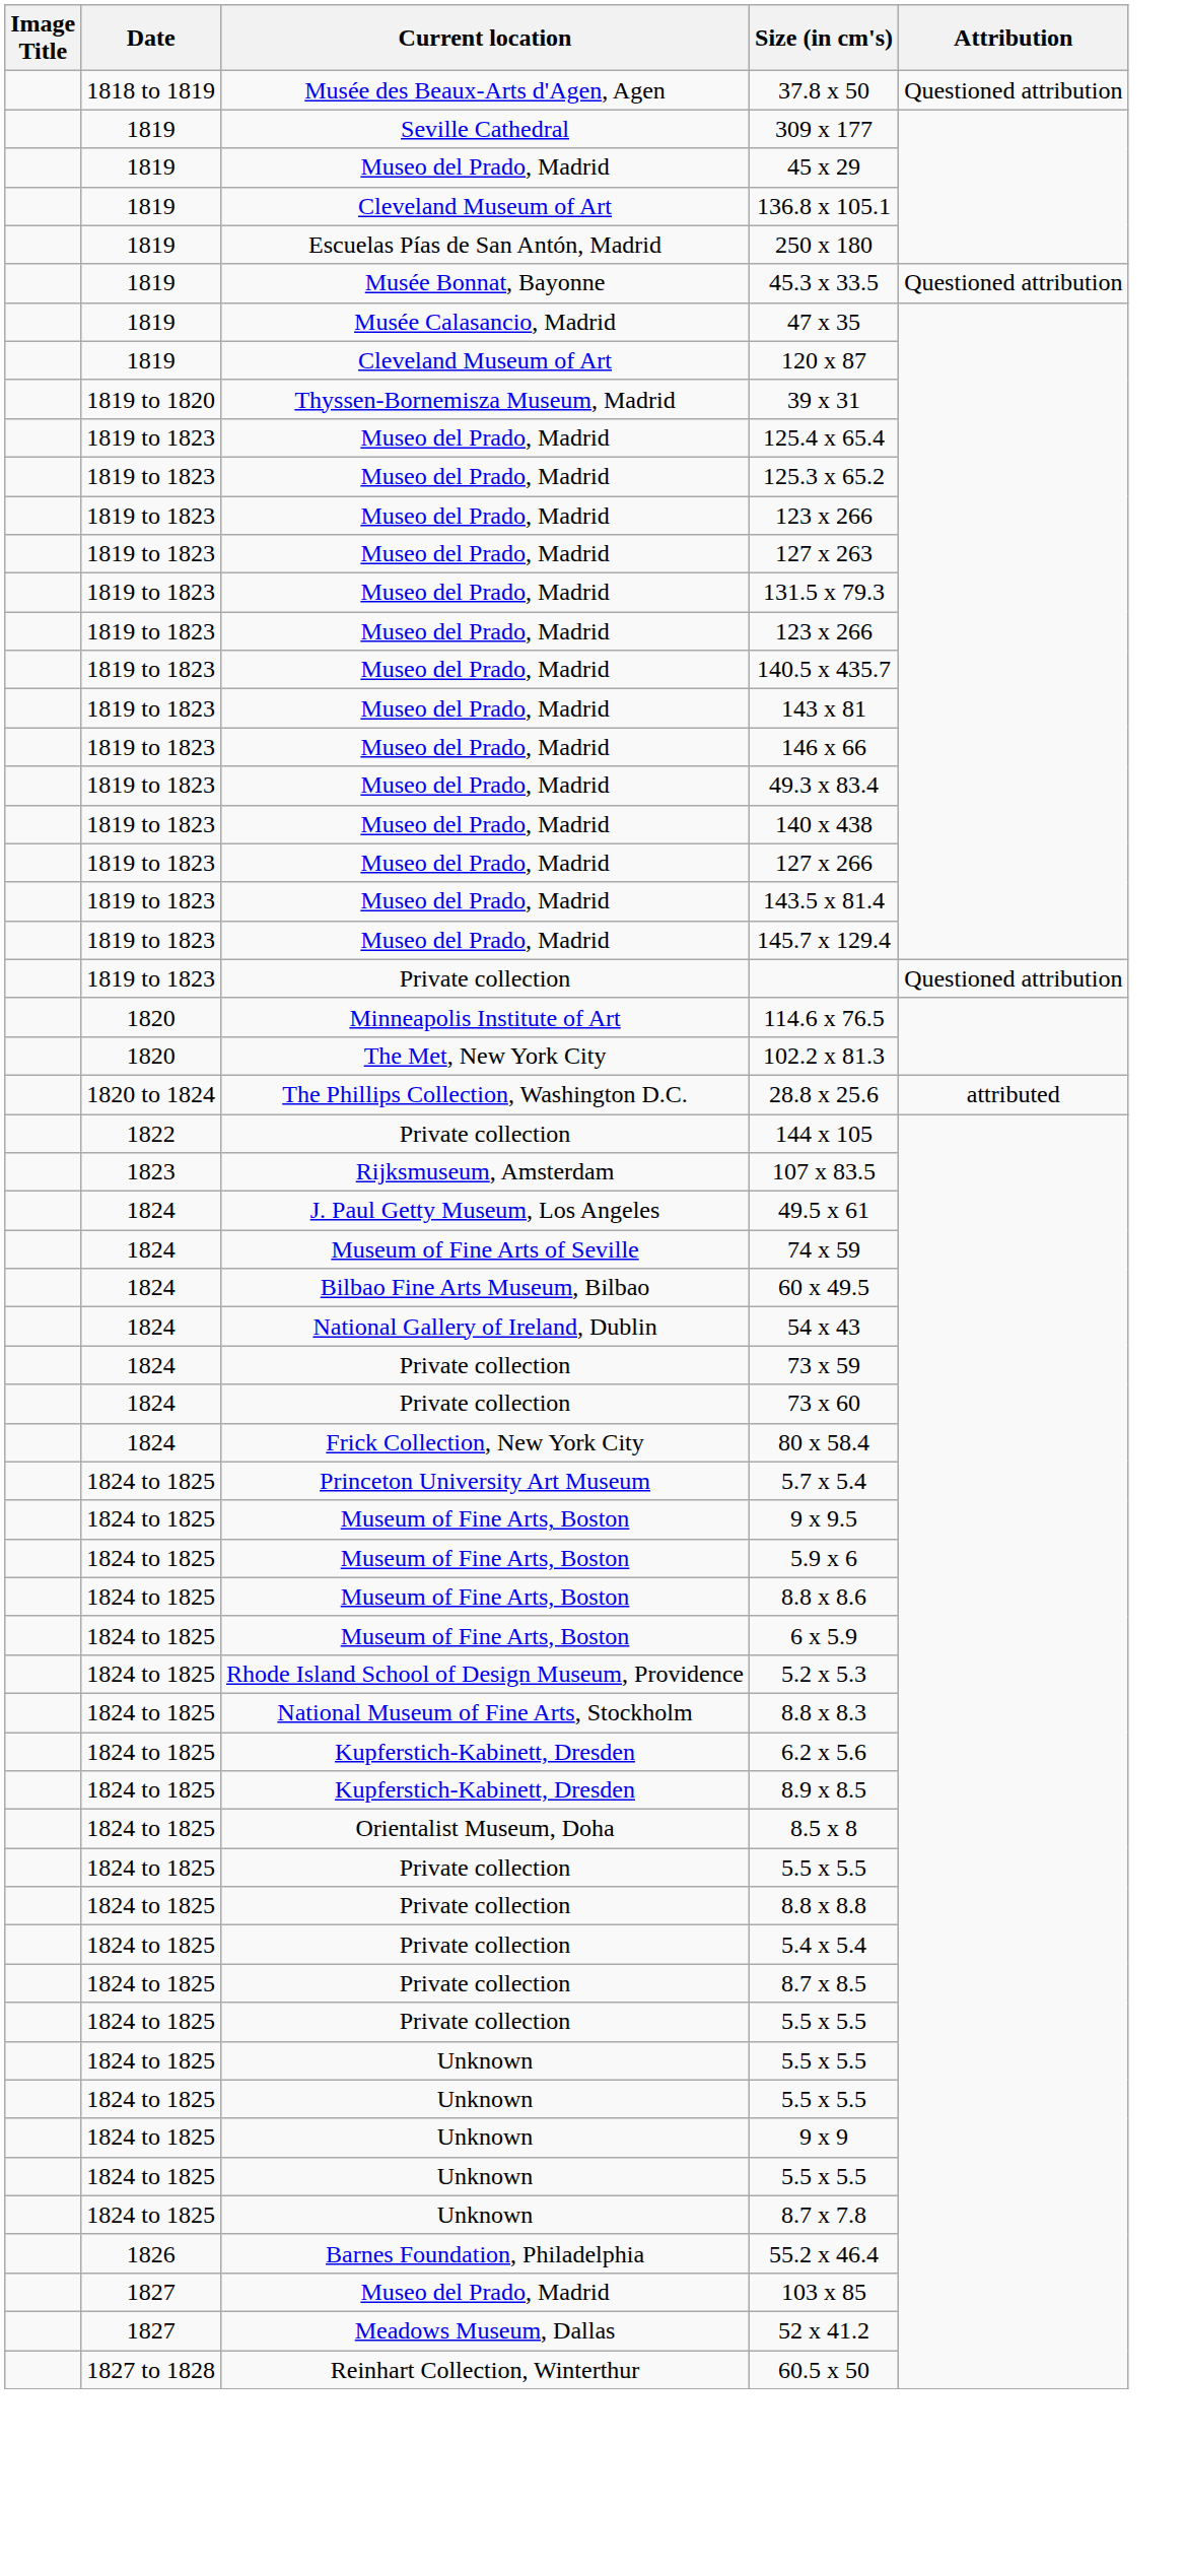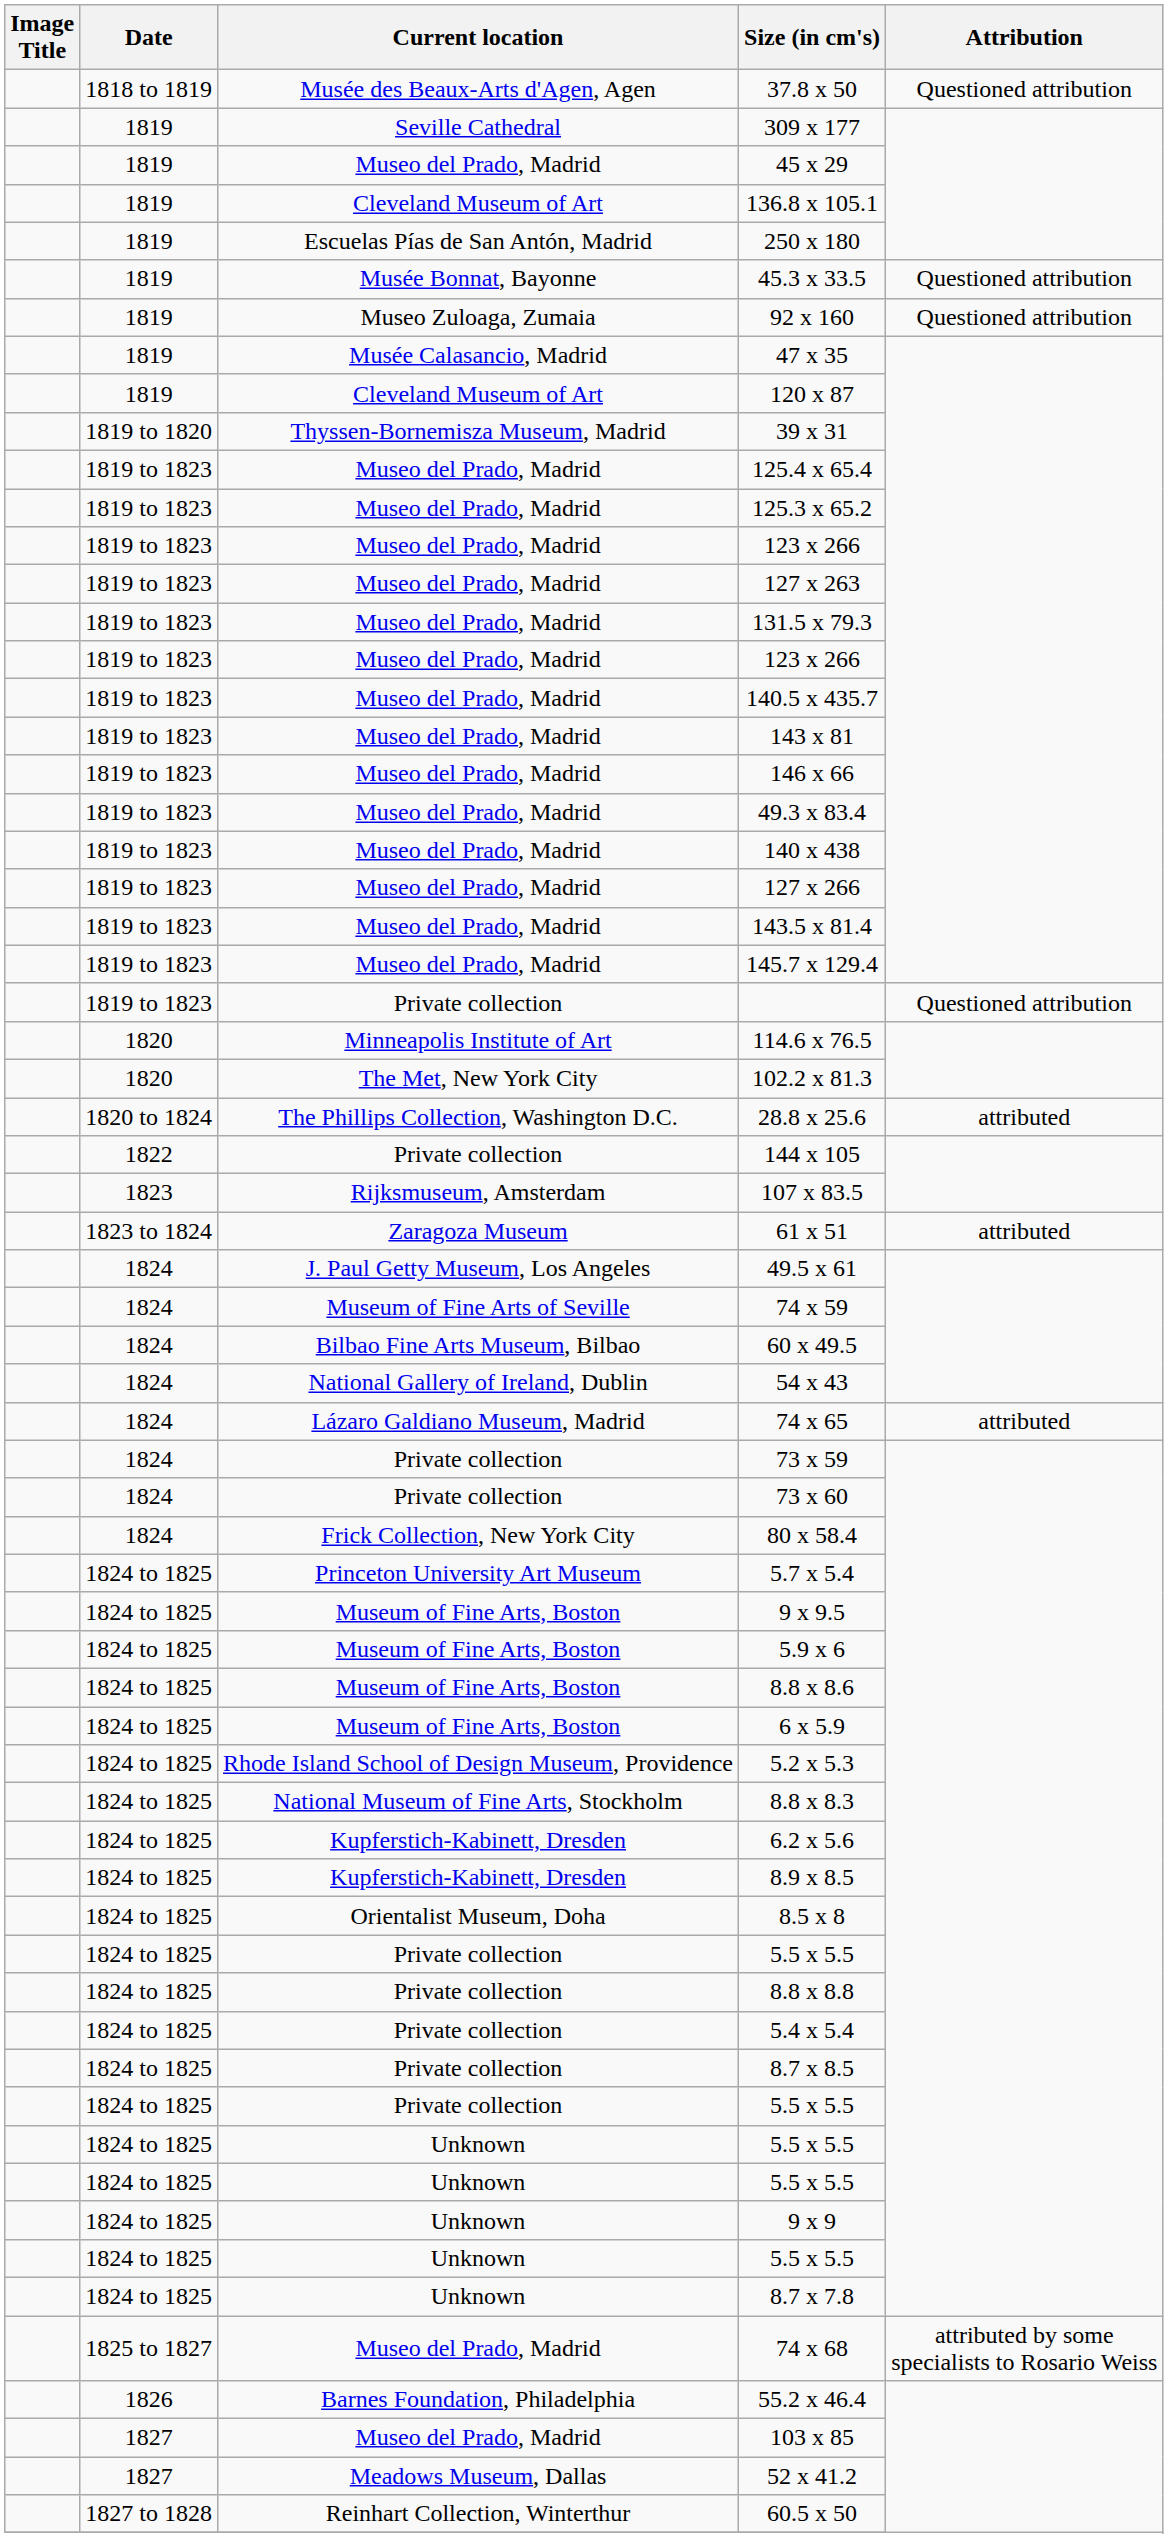 <table class="wikitable sortable" style="text-align: center">
 <tr>
 <th>Image<br>Title</th>
 <th>Date</th>
 <th>Current location</th>
 <th>Size (in cm's)</th>
 <th>Attribution</th>
 </tr>
 <tr>
 <td></td>
 <td>1818 to 1819</td>
 <td><a href='#'>Musée des Beaux-Arts d'Agen</a>, Agen</td>
 <td>37.8 x 50</td>
 <td>Questioned attribution</td>
 </tr>
 <tr>
 <td></td>
 <td>1819</td>
 <td><a href='#'>Seville Cathedral</a></td>
 <td>309 x 177</td>
 </tr>
 <tr>
 <td></td>
 <td>1819</td>
 <td><a href='#'>Museo del Prado</a>, Madrid</td>
 <td>45 x 29</td>
 </tr>
 <tr>
 <td></td>
 <td>1819</td>
 <td><a href='#'>Cleveland Museum of Art</a></td>
 <td>136.8 x 105.1</td>
 </tr>
 <tr>
 <td></td>
 <td>1819</td>
 <td>Escuelas Pías de San Antón, Madrid</td>
 <td>250 x 180</td>
 </tr>
 <tr>
 <td></td>
 <td>1819</td>
 <td><a href='#'>Musée Bonnat</a>, Bayonne</td>
 <td>45.3 x 33.5</td>
+<td>Questioned attribution</td>
+</tr>
+<tr>
+<td></td>
+<td>1819</td>
+<td>Museo Zuloaga, Zumaia</td>
+<td>92 x 160</td>
 <td>Questioned attribution</td>
 </tr>
 <tr>
 <td></td>
 <td>1819</td>
 <td><a href='#'>Musée Calasancio</a>, Madrid</td>
 <td>47 x 35</td>
 </tr>
 <tr>
 <td></td>
 <td>1819</td>
 <td><a href='#'>Cleveland Museum of Art</a></td>
 <td>120 x 87</td>
 </tr>
 <tr>
 <td></td>
 <td>1819 to 1820</td>
 <td><a href='#'>Thyssen-Bornemisza Museum</a>, Madrid</td>
 <td>39 x 31</td>
 </tr>
 <tr>
 <td></td>
 <td>1819 to 1823</td>
 <td><a href='#'>Museo del Prado</a>, Madrid</td>
 <td>125.4 x 65.4</td>
 </tr>
 <tr>
 <td></td>
 <td>1819 to 1823</td>
 <td><a href='#'>Museo del Prado</a>, Madrid</td>
 <td>125.3 x 65.2</td>
 </tr>
 <tr>
 <td></td>
 <td>1819 to 1823</td>
 <td><a href='#'>Museo del Prado</a>, Madrid</td>
 <td>123 x 266</td>
 </tr>
 <tr>
 <td></td>
 <td>1819 to 1823</td>
 <td><a href='#'>Museo del Prado</a>, Madrid</td>
 <td>127 x 263</td>
 </tr>
 <tr>
 <td></td>
 <td>1819 to 1823</td>
 <td><a href='#'>Museo del Prado</a>, Madrid</td>
 <td>131.5 x 79.3</td>
 </tr>
 <tr>
 <td></td>
 <td>1819 to 1823</td>
 <td><a href='#'>Museo del Prado</a>, Madrid</td>
 <td>123 x 266</td>
 </tr>
 <tr>
 <td></td>
 <td>1819 to 1823</td>
 <td><a href='#'>Museo del Prado</a>, Madrid</td>
 <td>140.5 x 435.7</td>
 </tr>
 <tr>
 <td></td>
 <td>1819 to 1823</td>
 <td><a href='#'>Museo del Prado</a>, Madrid</td>
 <td>143 x 81</td>
 </tr>
 <tr>
 <td></td>
 <td>1819 to 1823</td>
 <td><a href='#'>Museo del Prado</a>, Madrid</td>
 <td>146 x 66</td>
 </tr>
 <tr>
 <td></td>
 <td>1819 to 1823</td>
 <td><a href='#'>Museo del Prado</a>, Madrid</td>
 <td>49.3 x 83.4</td>
 </tr>
 <tr>
 <td></td>
 <td>1819 to 1823</td>
 <td><a href='#'>Museo del Prado</a>, Madrid</td>
 <td>140 x 438</td>
 </tr>
 <tr>
 <td></td>
 <td>1819 to 1823</td>
 <td><a href='#'>Museo del Prado</a>, Madrid</td>
 <td>127 x 266</td>
 </tr>
 <tr>
 <td></td>
 <td>1819 to 1823</td>
 <td><a href='#'>Museo del Prado</a>, Madrid</td>
 <td>143.5 x 81.4</td>
 </tr>
 <tr>
 <td></td>
 <td>1819 to 1823</td>
 <td><a href='#'>Museo del Prado</a>, Madrid</td>
 <td>145.7 x 129.4</td>
 </tr>
 <tr>
 <td></td>
 <td>1819 to 1823</td>
 <td>Private collection</td>
 <td></td>
 <td>Questioned attribution</td>
 </tr>
 <tr>
 <td></td>
 <td>1820</td>
 <td><a href='#'>Minneapolis Institute of Art</a></td>
 <td>114.6 x 76.5</td>
 </tr>
 <tr>
 <td></td>
 <td>1820</td>
 <td><a href='#'>The Met</a>, New York City</td>
 <td>102.2 x 81.3</td>
 </tr>
 <tr>
 <td></td>
 <td>1820 to 1824</td>
 <td><a href='#'>The Phillips Collection</a>, Washington D.C.</td>
 <td>28.8 x 25.6</td>
 <td>attributed</td>
 </tr>
 <tr>
 <td></td>
 <td>1822</td>
 <td>Private collection</td>
 <td>144 x 105</td>
 </tr>
 <tr>
 <td></td>
 <td>1823</td>
 <td><a href='#'>Rijksmuseum</a>, Amsterdam</td>
 <td>107 x 83.5</td>
 </tr>
 <tr>
 <td></td>
+<td>1823 to 1824</td>
+<td><a href='#'>Zaragoza Museum</a></td>
+<td>61 x 51</td>
+<td>attributed</td>
+</tr>
+<tr>
+<td></td>
 <td>1824</td>
 <td><a href='#'>J. Paul Getty Museum</a>, Los Angeles</td>
 <td>49.5 x 61</td>
 </tr>
 <tr>
 <td></td>
 <td>1824</td>
 <td><a href='#'>Museum of Fine Arts of Seville</a></td>
 <td>74 x 59</td>
 </tr>
 <tr>
 <td></td>
 <td>1824</td>
 <td><a href='#'>Bilbao Fine Arts Museum</a>, Bilbao</td>
 <td>60 x 49.5</td>
 </tr>
 <tr>
 <td></td>
 <td>1824</td>
 <td><a href='#'>National Gallery of Ireland</a>, Dublin</td>
 <td>54 x 43</td>
+</tr>
+<tr>
+<td></td>
+<td>1824</td>
+<td><a href='#'>Lázaro Galdiano Museum</a>, Madrid</td>
+<td>74 x 65</td>
+<td>attributed</td>
 </tr>
 <tr>
 <td></td>
 <td>1824</td>
 <td>Private collection</td>
 <td>73 x 59</td>
 </tr>
 <tr>
 <td></td>
 <td>1824</td>
 <td>Private collection</td>
 <td>73 x 60</td>
 </tr>
 <tr>
 <td></td>
 <td>1824</td>
 <td><a href='#'>Frick Collection</a>, New York City</td>
 <td>80 x 58.4</td>
 </tr>
 <tr>
 <td></td>
 <td>1824 to 1825</td>
 <td><a href='#'>Princeton University Art Museum</a></td>
 <td>5.7 x 5.4</td>
 </tr>
 <tr>
 <td></td>
 <td>1824 to 1825</td>
 <td><a href='#'>Museum of Fine Arts, Boston</a></td>
 <td>9 x 9.5</td>
 </tr>
 <tr>
 <td></td>
 <td>1824 to 1825</td>
 <td><a href='#'>Museum of Fine Arts, Boston</a></td>
 <td>5.9 x 6</td>
 </tr>
 <tr>
 <td></td>
 <td>1824 to 1825</td>
 <td><a href='#'>Museum of Fine Arts, Boston</a></td>
 <td>8.8 x 8.6</td>
 </tr>
 <tr>
 <td></td>
 <td>1824 to 1825</td>
 <td><a href='#'>Museum of Fine Arts, Boston</a></td>
 <td>6 x 5.9</td>
 </tr>
 <tr>
 <td></td>
 <td>1824 to 1825</td>
 <td><a href='#'>Rhode Island School of Design Museum</a>, Providence</td>
 <td>5.2 x 5.3</td>
 </tr>
 <tr>
 <td></td>
 <td>1824 to 1825</td>
 <td><a href='#'>National Museum of Fine Arts</a>, Stockholm</td>
 <td>8.8 x 8.3</td>
 </tr>
 <tr>
 <td></td>
 <td>1824 to 1825</td>
 <td><a href='#'>Kupferstich-Kabinett, Dresden</a></td>
 <td>6.2 x 5.6</td>
 </tr>
 <tr>
 <td></td>
 <td>1824 to 1825</td>
 <td><a href='#'>Kupferstich-Kabinett, Dresden</a></td>
 <td>8.9 x 8.5</td>
 </tr>
 <tr>
 <td></td>
 <td>1824 to 1825</td>
 <td>Orientalist Museum, Doha</td>
 <td>8.5 x 8</td>
 </tr>
 <tr>
 <td></td>
 <td>1824 to 1825</td>
 <td>Private collection</td>
 <td>5.5 x 5.5</td>
 </tr>
 <tr>
 <td></td>
 <td>1824 to 1825</td>
 <td>Private collection</td>
 <td>8.8 x 8.8</td>
 </tr>
 <tr>
 <td></td>
 <td>1824 to 1825</td>
 <td>Private collection</td>
 <td>5.4 x 5.4</td>
 </tr>
 <tr>
 <td></td>
 <td>1824 to 1825</td>
 <td>Private collection</td>
 <td>8.7 x 8.5</td>
 </tr>
 <tr>
 <td></td>
 <td>1824 to 1825</td>
 <td>Private collection</td>
 <td>5.5 x 5.5</td>
 </tr>
 <tr>
 <td></td>
 <td>1824 to 1825</td>
 <td>Unknown</td>
 <td>5.5 x 5.5</td>
 </tr>
 <tr>
 <td></td>
 <td>1824 to 1825</td>
 <td>Unknown</td>
 <td>5.5 x 5.5</td>
 </tr>
 <tr>
 <td></td>
 <td>1824 to 1825</td>
 <td>Unknown</td>
 <td>9 x 9</td>
 </tr>
 <tr>
 <td></td>
 <td>1824 to 1825</td>
 <td>Unknown</td>
 <td>5.5 x 5.5</td>
 </tr>
 <tr>
 <td></td>
 <td>1824 to 1825</td>
 <td>Unknown</td>
 <td>8.7 x 7.8</td>
 </tr>
 <tr>
 <td></td>
+<td>1825 to 1827</td>
+<td><a href='#'>Museo del Prado</a>, Madrid</td>
+<td>74 x 68</td>
+<td>attributed by some<br>specialists to  Rosario Weiss</td>
+</tr>
+<tr>
+<td></td>
 <td>1826</td>
 <td><a href='#'>Barnes Foundation</a>, Philadelphia</td>
 <td>55.2 x 46.4</td>
 </tr>
 <tr>
 <td></td>
 <td>1827</td>
 <td><a href='#'>Museo del Prado</a>, Madrid</td>
 <td>103 x 85</td>
 </tr>
 <tr>
 <td></td>
 <td>1827</td>
 <td><a href='#'>Meadows Museum</a>, Dallas</td>
 <td>52 x 41.2</td>
 </tr>
 <tr>
 <td></td>
 <td>1827 to 1828</td>
 <td>Reinhart Collection, Winterthur</td>
 <td>60.5 x 50</td>
 </tr>
 <tr>
 </tr>
 </table>
